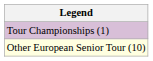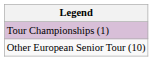 <table class="wikitable" style="font-size:95%;">
 <tr>
 <th>Legend</th>
 </tr>
 <tr style="background:thistle">
 <td>Tour Championships (1)</td>
 </tr>
 <tr>
-<td style="background: lightyellow;">Other European Senior Tour (10)</td>
+<td>Other European Senior Tour (10)</td>
 </tr>
 </table>
